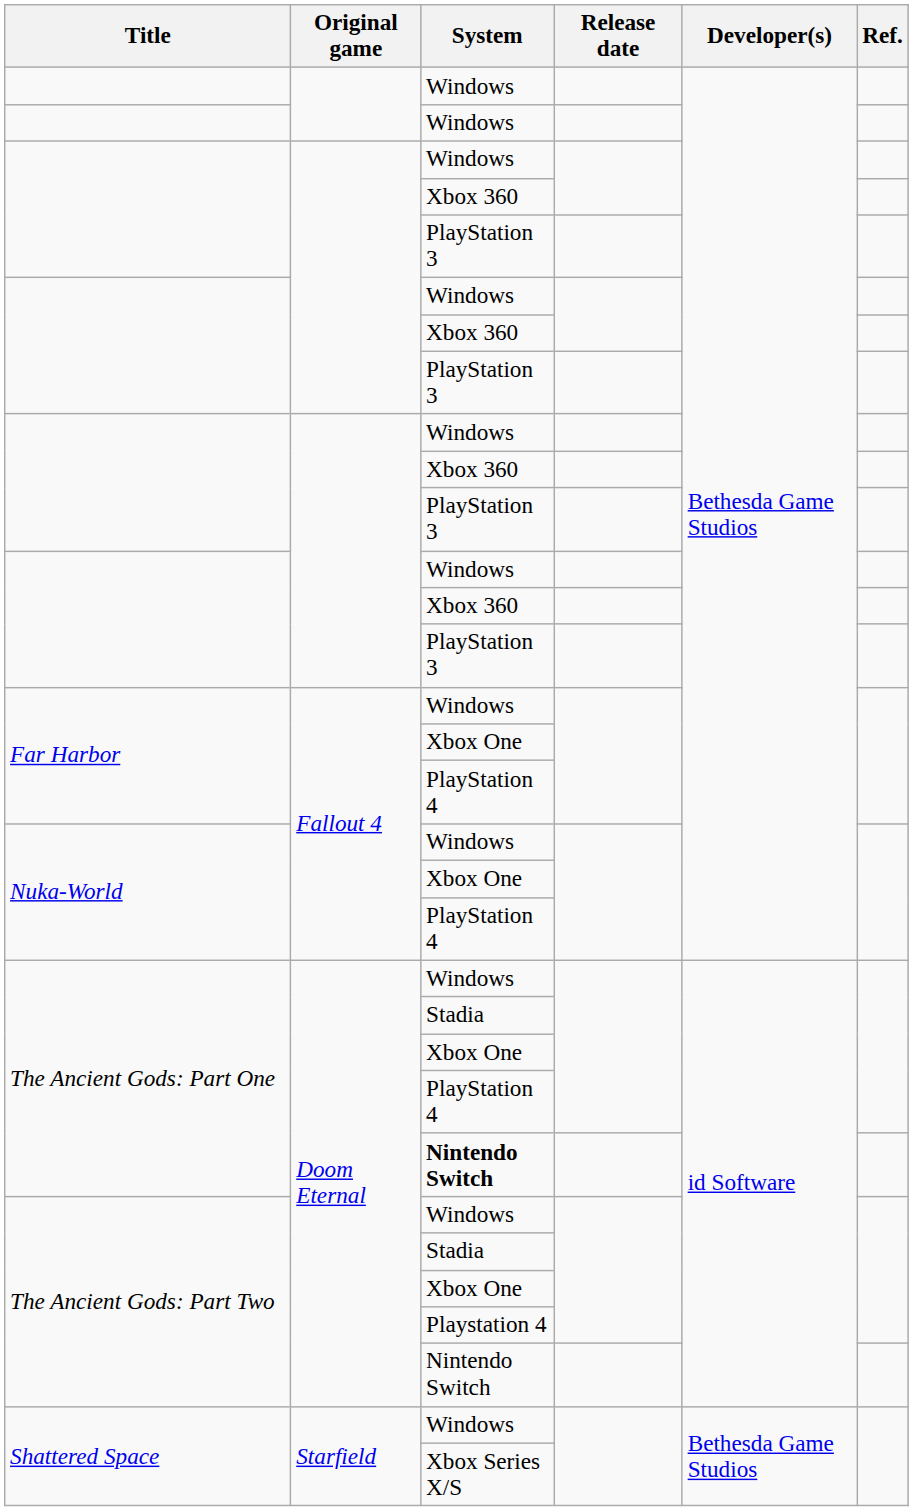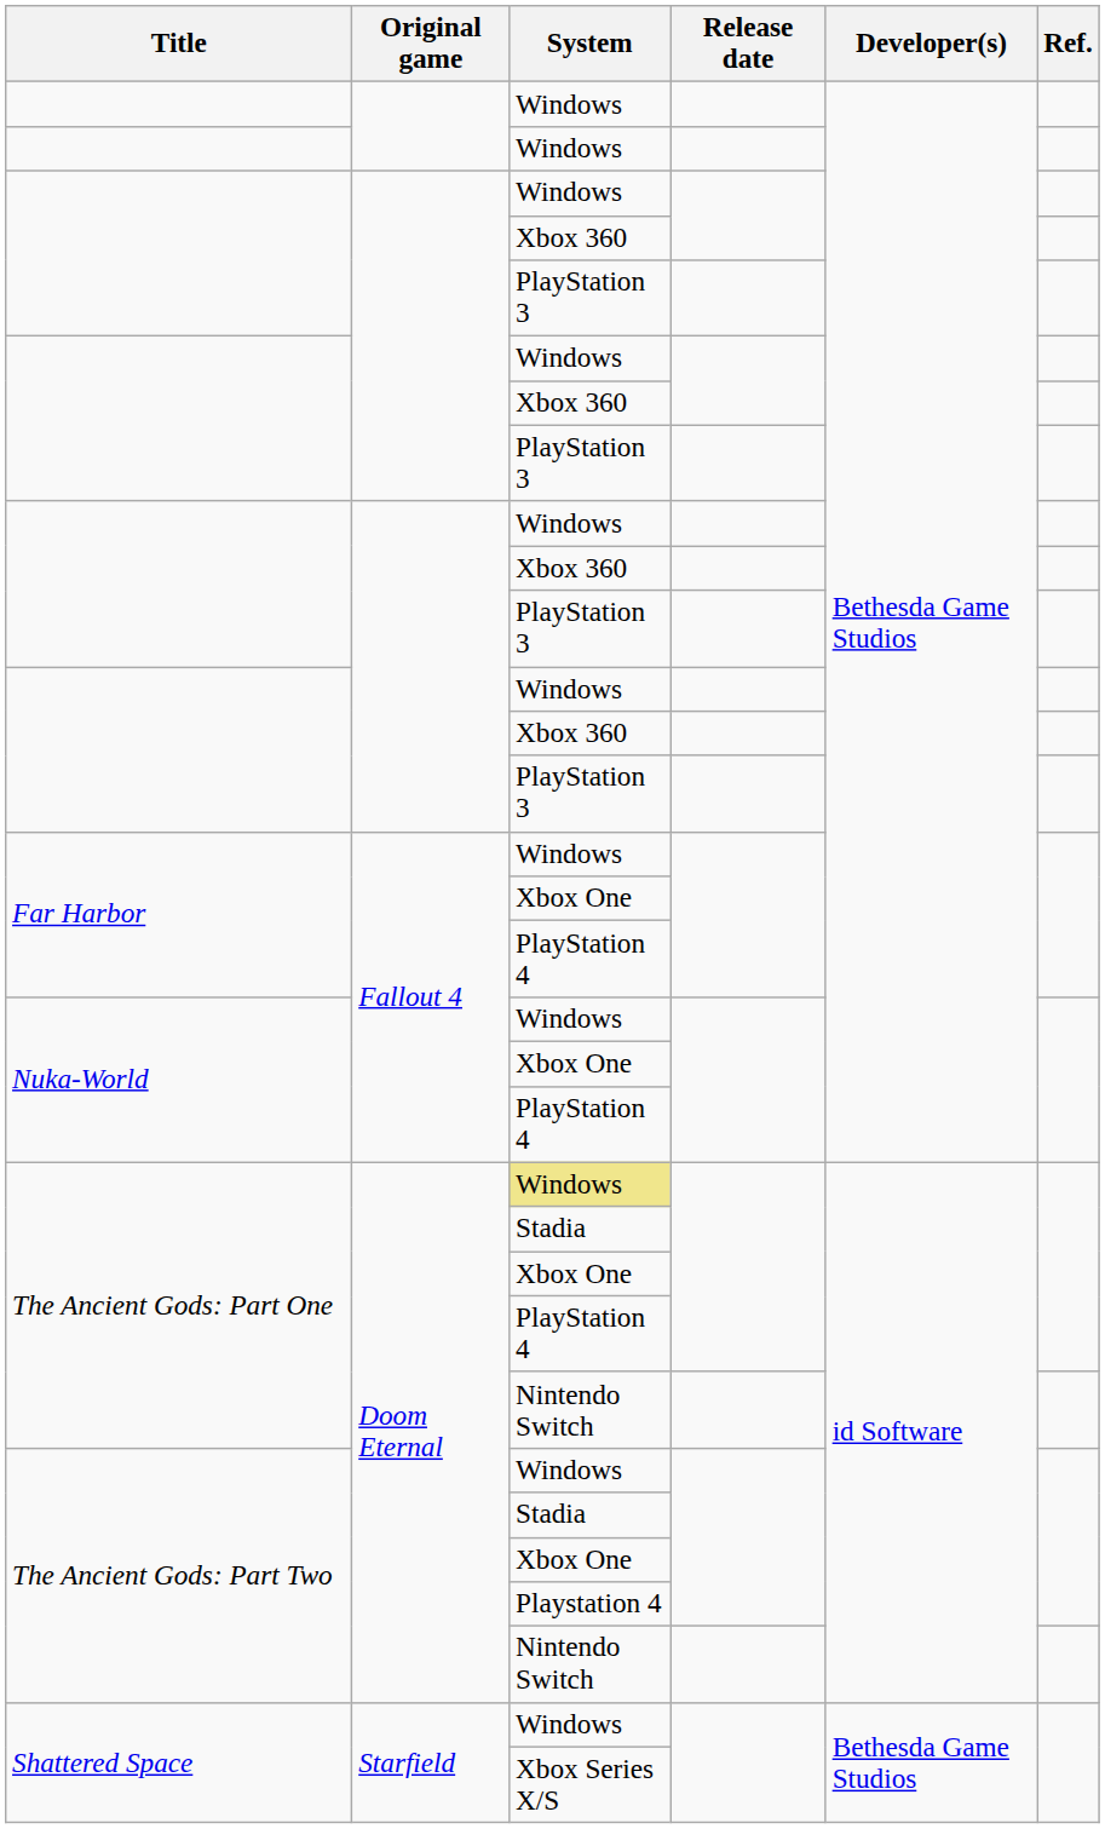 <table class="wikitable sortable" style="width: 100%">
 <tr>
 <th style="width:35%">Title</th>
 <th style="width:15%">Original game</th>
 <th style="width:15%">System</th>
 <th style="width:15%">Release date</th>
 <th style="width:40%">Developer(s)</th>
 <th style="width:5%" class="unsortable">Ref.</th>
 </tr>
 <tr>
 <td></td>
 <td rowspan="2"></td>
 <td>Windows</td>
 <td> </td>
 <td rowspan="20"><a href='#'>Bethesda Game Studios</a></td>
 <td style="text-align:center"></td>
 </tr>
 <tr>
 <td></td>
 <td>Windows</td>
 <td> </td>
 <td style="text-align:center"></td>
 </tr>
 <tr>
 <td rowspan="3"></td>
 <td rowspan="6"></td>
 <td>Windows</td>
 <td rowspan="2"></td>
 <td style="text-align:center"></td>
 </tr>
 <tr>
 <td>Xbox 360</td>
 <td style="text-align:center"></td>
 </tr>
 <tr>
 <td>PlayStation 3</td>
 <td></td>
 <td style="text-align:center"></td>
 </tr>
 <tr>
 <td rowspan="3"></td>
 <td>Windows</td>
 <td rowspan="2'"></td>
 <td style="text-align:center"></td>
 </tr>
 <tr>
 <td>Xbox 360</td>
 <td style="text-align:center"></td>
 </tr>
 <tr>
 <td>PlayStation 3</td>
 <td></td>
 <td style="text-align:center"></td>
 </tr>
 <tr>
 <td rowspan="3"></td>
 <td rowspan="6"></td>
 <td>Windows</td>
 <td></td>
 <td style="text-align:center"></td>
 </tr>
 <tr>
 <td>Xbox 360</td>
 <td></td>
 <td style="text-align:center"></td>
 </tr>
 <tr>
 <td>PlayStation 3</td>
 <td></td>
 <td style="text-align:center"></td>
 </tr>
 <tr>
 <td rowspan="3"></td>
 <td>Windows</td>
 <td></td>
 <td style="text-align:center"></td>
 </tr>
 <tr>
 <td>Xbox 360</td>
 <td></td>
 <td style="text-align:center"></td>
 </tr>
 <tr>
 <td>PlayStation 3</td>
 <td></td>
 <td style="text-align:center"></td>
 </tr>
 <tr>
 <td rowspan="3"><em><a href='#'>Far Harbor</a></em></td>
 <td rowspan="6"><em><a href='#'>Fallout 4</a></em></td>
 <td>Windows</td>
 <td rowspan="3"></td>
 <td style="text-align:center" rowspan="3"></td>
 </tr>
 <tr>
 <td>Xbox One</td>
 </tr>
 <tr>
 <td>PlayStation 4</td>
 </tr>
 <tr>
 <td rowspan="3"><em><a href='#'>Nuka-World</a></em></td>
 <td>Windows</td>
 <td rowspan="3"></td>
 <td style="text-align:center" rowspan="3"></td>
 </tr>
 <tr>
 <td>Xbox One</td>
 </tr>
 <tr>
 <td>PlayStation 4</td>
 </tr>
 <tr>
 <td rowspan="5"><em>The Ancient Gods: Part One</em></td>
 <td rowspan="10"><em><a href='#'>Doom Eternal</a></em></td>
-<td>Windows</td>
+<td style="background: khaki;">Windows</td>
 <td rowspan="4"></td>
 <td rowspan="10"><a href='#'>id Software</a></td>
 <td style="text-align:center" rowspan="4"></td>
 </tr>
 <tr>
 <td>Stadia</td>
 </tr>
 <tr>
 <td>Xbox One</td>
 </tr>
 <tr>
 <td>PlayStation 4</td>
 </tr>
 <tr>
-<td><strong>Nintendo Switch</strong></td>
+<td>Nintendo Switch</td>
 <td></td>
 <td></td>
 </tr>
 <tr>
 <td rowspan="5"><em>The Ancient Gods: Part Two</em></td>
 <td>Windows</td>
 <td rowspan="4"></td>
 <td rowspan="4"></td>
 </tr>
 <tr>
 <td>Stadia</td>
 </tr>
 <tr>
 <td>Xbox One</td>
 </tr>
 <tr>
 <td>Playstation 4</td>
 </tr>
 <tr>
 <td>Nintendo Switch</td>
 <td></td>
 <td></td>
 </tr>
 <tr>
 <td rowspan="2"><em><a href='#'>Shattered Space</a></em></td>
 <td rowspan="2"><em><a href='#'>Starfield</a></em></td>
 <td>Windows</td>
 <td rowspan="2"></td>
 <td rowspan="2"><a href='#'>Bethesda Game Studios</a></td>
 <td rowspan="2"></td>
 </tr>
 <tr>
 <td>Xbox Series X/S</td>
 </tr>
 </table>
